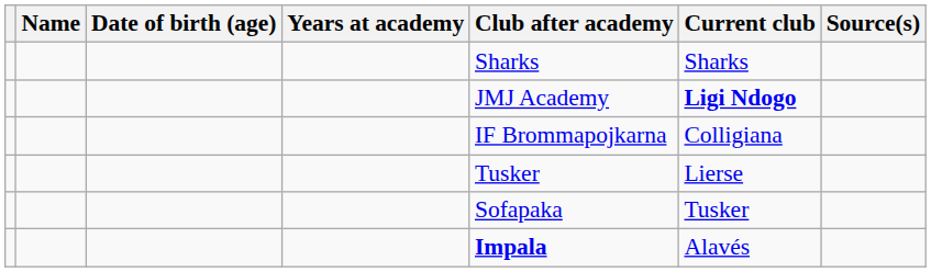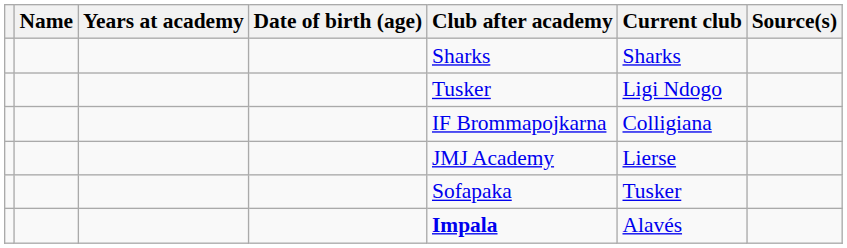 <table class="wikitable sortable">
 <tr>
 <th></th>
 <th>Name</th>
+<th>Years at academy</th>
 <th>Date of birth (age)</th>
-<th>Years at academy</th>
 <th>Club after academy</th>
 <th>Current club</th>
 <th>Source(s)</th>
 </tr>
 <tr>
 <td align="center"></td>
 <td></td>
 <td></td>
 <td></td>
 <td> <a href='#'>Sharks</a></td>
 <td> <a href='#'>Sharks</a></td>
 <td></td>
 </tr>
 <tr>
 <td align="center"></td>
 <td></td>
 <td></td>
 <td></td>
-<td> <a href='#'>JMJ Academy</a></td>
-<td><strong> <a href='#'>Ligi Ndogo</a></strong></td>
+<td> <a href='#'>Tusker</a></td>
+<td> <a href='#'>Ligi Ndogo</a></td>
 <td></td>
 </tr>
 <tr>
 <td align="center"></td>
 <td></td>
 <td></td>
 <td></td>
 <td> <a href='#'>IF Brommapojkarna</a></td>
 <td> <a href='#'>Colligiana</a></td>
 <td></td>
 </tr>
 <tr>
 <td align="center"></td>
 <td></td>
 <td></td>
 <td></td>
-<td> <a href='#'>Tusker</a></td>
+<td> <a href='#'>JMJ Academy</a></td>
 <td> <a href='#'>Lierse</a></td>
 <td></td>
 </tr>
 <tr>
 <td align="center"></td>
 <td></td>
 <td></td>
 <td></td>
 <td> <a href='#'>Sofapaka</a></td>
 <td> <a href='#'>Tusker</a></td>
 <td></td>
 </tr>
 <tr>
 <td align="center"></td>
 <td></td>
 <td></td>
 <td></td>
 <td><strong> <a href='#'>Impala</a></strong></td>
 <td> <a href='#'>Alavés</a></td>
 <td></td>
 </tr>
 </table>
